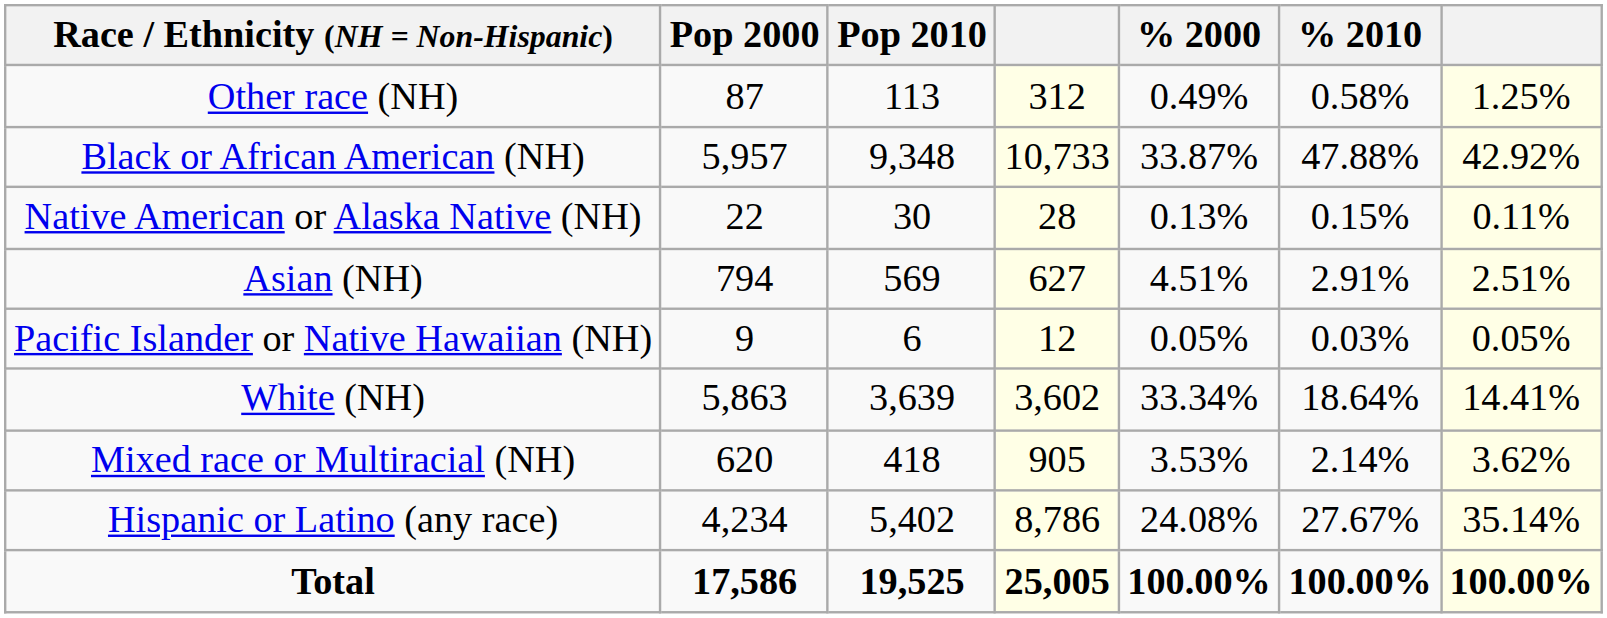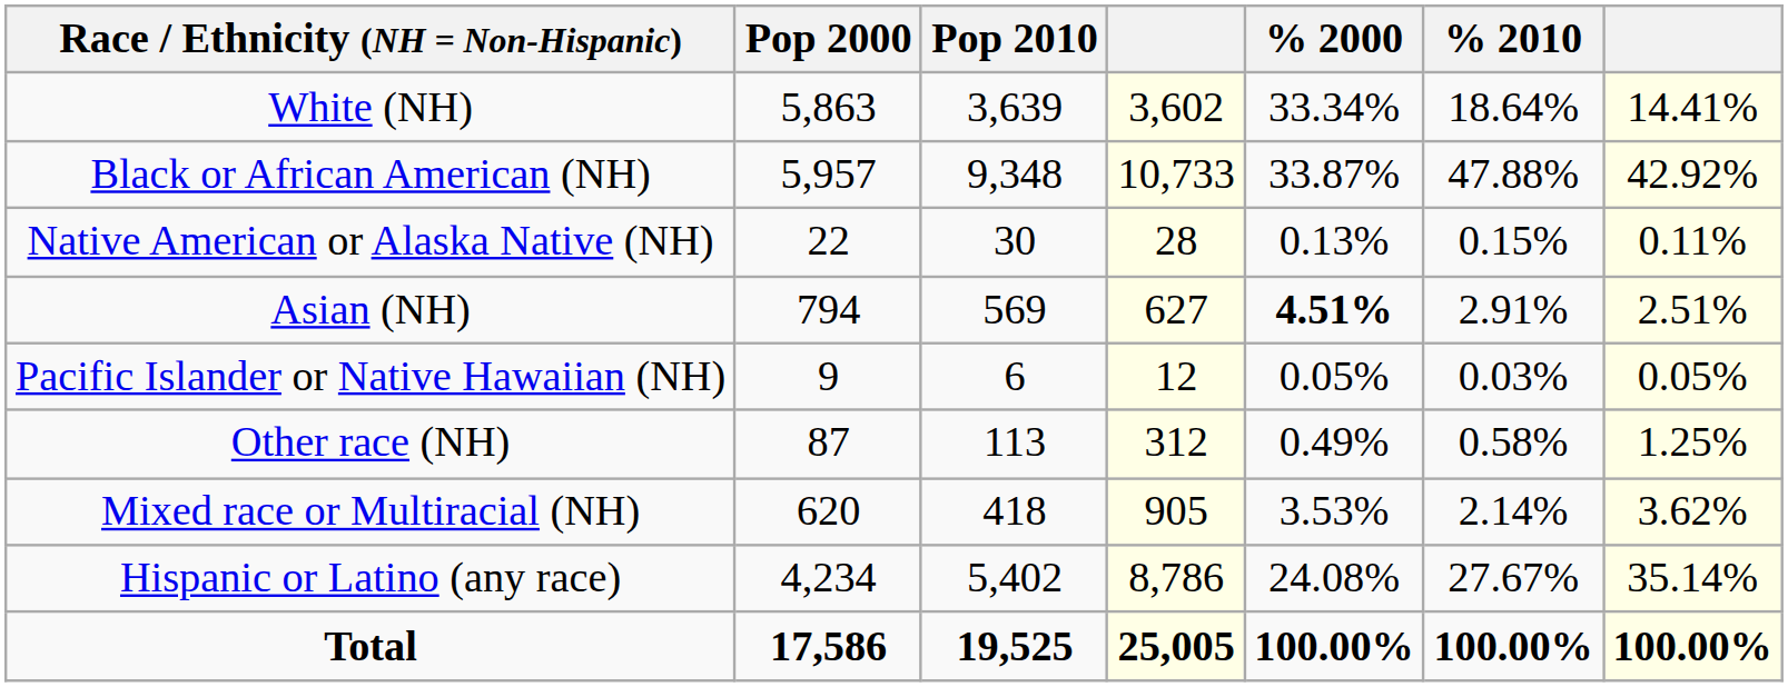 <table class="wikitable" style="text-align:center;">
 <tr>
 <th>Race / Ethnicity <small>(<em>NH = Non-Hispanic</em>)</small></th>
 <th>Pop 2000</th>
 <th>Pop 2010</th>
 <th></th>
 <th>% 2000</th>
 <th>% 2010</th>
 <th></th>
 </tr>
 <tr>
-<td><a href='#'>Other race</a> (NH)</td>
-<td>87</td>
-<td>113</td>
-<td style='background: #ffffe6;'>312</td>
-<td>0.49%</td>
-<td>0.58%</td>
-<td style='background: #ffffe6;'>1.25%</td>
+<td><a href='#'>White</a> (NH)</td>
+<td>5,863</td>
+<td>3,639</td>
+<td style='background: #ffffe6;'>3,602</td>
+<td>33.34%</td>
+<td>18.64%</td>
+<td style='background: #ffffe6;'>14.41%</td>
 </tr>
 <tr>
 <td><a href='#'>Black or African American</a> (NH)</td>
 <td>5,957</td>
 <td>9,348</td>
 <td style='background: #ffffe6;'>10,733</td>
 <td>33.87%</td>
 <td>47.88%</td>
 <td style='background: #ffffe6;'>42.92%</td>
 </tr>
 <tr>
 <td><a href='#'>Native American</a> or <a href='#'>Alaska Native</a> (NH)</td>
 <td>22</td>
 <td>30</td>
 <td style='background: #ffffe6;'>28</td>
 <td>0.13%</td>
 <td>0.15%</td>
 <td style='background: #ffffe6;'>0.11%</td>
 </tr>
 <tr>
 <td><a href='#'>Asian</a> (NH)</td>
 <td>794</td>
 <td>569</td>
 <td style='background: #ffffe6;'>627</td>
-<td>4.51%</td>
+<td><strong>4.51%</strong></td>
 <td>2.91%</td>
 <td style='background: #ffffe6;'>2.51%</td>
 </tr>
 <tr>
 <td><a href='#'>Pacific Islander</a> or <a href='#'>Native Hawaiian</a> (NH)</td>
 <td>9</td>
 <td>6</td>
 <td style='background: #ffffe6;'>12</td>
 <td>0.05%</td>
 <td>0.03%</td>
 <td style='background: #ffffe6;'>0.05%</td>
 </tr>
 <tr>
-<td><a href='#'>White</a> (NH)</td>
-<td>5,863</td>
-<td>3,639</td>
-<td style='background: #ffffe6;'>3,602</td>
-<td>33.34%</td>
-<td>18.64%</td>
-<td style='background: #ffffe6;'>14.41%</td>
+<td><a href='#'>Other race</a> (NH)</td>
+<td>87</td>
+<td>113</td>
+<td style='background: #ffffe6;'>312</td>
+<td>0.49%</td>
+<td>0.58%</td>
+<td style='background: #ffffe6;'>1.25%</td>
 </tr>
 <tr>
 <td><a href='#'>Mixed race or Multiracial</a> (NH)</td>
 <td>620</td>
 <td>418</td>
 <td style='background: #ffffe6;'>905</td>
 <td>3.53%</td>
 <td>2.14%</td>
 <td style='background: #ffffe6;'>3.62%</td>
 </tr>
 <tr>
 <td><a href='#'>Hispanic or Latino</a> (any race)</td>
 <td>4,234</td>
 <td>5,402</td>
 <td style='background: #ffffe6;'>8,786</td>
 <td>24.08%</td>
 <td>27.67%</td>
 <td style='background: #ffffe6;'>35.14%</td>
 </tr>
 <tr>
 <td><strong>Total</strong></td>
 <td><strong>17,586</strong></td>
 <td><strong>19,525</strong></td>
 <td style='background: #ffffe6;'><strong>25,005</strong></td>
 <td><strong>100.00%</strong></td>
 <td><strong>100.00%</strong></td>
 <td style='background: #ffffe6;'><strong>100.00%</strong></td>
 </tr>
 </table>
